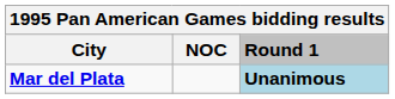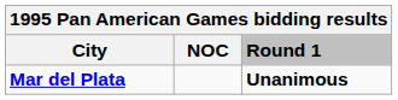 <table class="wikitable">
 <tr>
 <th colspan="7">1995 Pan American Games bidding results</th>
 </tr>
 <tr>
 <th>City</th>
 <th>NOC</th>
 <td bgcolor="silver"><strong>Round 1</strong></td>
 </tr>
 <tr>
 <td><strong><a href='#'>Mar del Plata</a></strong></td>
 <td><strong></strong></td>
-<td style="background: lightblue;"><strong>Unanimous</strong></td>
+<td><strong>Unanimous</strong></td>
 </tr>
 </table>
